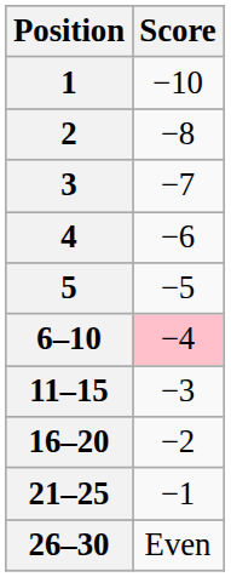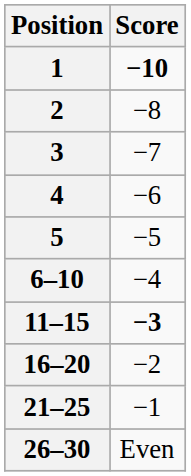 <table class="wikitable" style="text-align:center">
 <tr>
 <th>Position</th>
 <th>Score</th>
 </tr>
 <tr>
 <th>1</th>
-<td>−10</td>
+<td><strong>−10</strong></td>
 </tr>
 <tr>
 <th>2</th>
 <td>−8</td>
 </tr>
 <tr>
 <th>3</th>
 <td>−7</td>
 </tr>
 <tr>
 <th>4</th>
 <td>−6</td>
 </tr>
 <tr>
 <th>5</th>
 <td>−5</td>
 </tr>
 <tr>
 <th>6–10</th>
-<td style="background: pink;">−4</td>
+<td>−4</td>
 </tr>
 <tr>
 <th>11–15</th>
-<td>−3</td>
+<td><strong>−3</strong></td>
 </tr>
 <tr>
 <th>16–20</th>
 <td>−2</td>
 </tr>
 <tr>
 <th>21–25</th>
 <td>−1</td>
 </tr>
 <tr>
 <th>26–30</th>
 <td>Even</td>
 </tr>
 </table>
